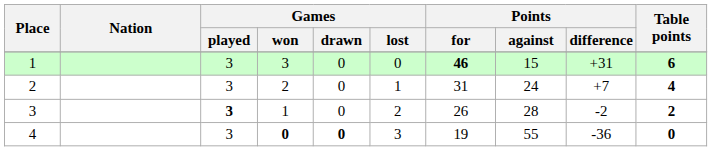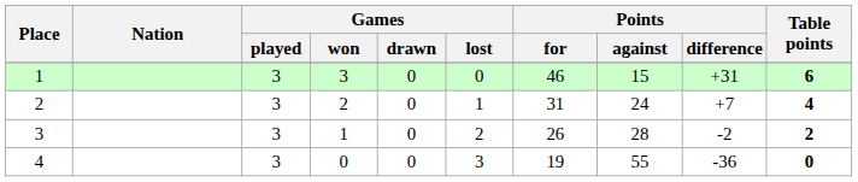 <table class="wikitable">
 <tr>
 <th rowspan=2 width="8%">Place</th>
 <th rowspan=2 width="20%">Nation</th>
 <th colspan=4 width="32%">Games</th>
 <th colspan=3 width="30%">Points</th>
 <th rowspan=2 width="10%">Table<br>points</th>
 </tr>
 <tr>
 <th width="8%">played</th>
 <th width="8%">won</th>
 <th width="8%">drawn</th>
 <th width="8%">lost</th>
 <th width="10%">for</th>
 <th width="10%">against</th>
 <th width="10%">difference</th>
 </tr>
 <tr>
 </tr>
 <tr bgcolor=#ccffcc align=center>
 <td>1</td>
 <td align=left></td>
 <td>3</td>
 <td>3</td>
 <td>0</td>
 <td>0</td>
-<td><strong>46</strong></td>
+<td>46</td>
 <td>15</td>
 <td>+31</td>
 <td><strong>6</strong></td>
 </tr>
 <tr bgcolor=#ffffff align=center>
 <td>2</td>
 <td align=left></td>
 <td>3</td>
 <td>2</td>
 <td>0</td>
 <td>1</td>
 <td>31</td>
 <td>24</td>
 <td>+7</td>
 <td><strong>4</strong></td>
 </tr>
 <tr bgcolor=#ffffff align=center>
 <td>3</td>
 <td align=left></td>
-<td><strong>3</strong></td>
+<td>3</td>
 <td>1</td>
 <td>0</td>
 <td>2</td>
 <td>26</td>
 <td>28</td>
 <td>-2</td>
 <td><strong>2</strong></td>
 </tr>
 <tr bgcolor=#ffffff align=center>
 <td>4</td>
 <td align=left></td>
 <td>3</td>
-<td><strong>0</strong></td>
-<td><strong>0</strong></td>
+<td>0</td>
+<td>0</td>
 <td>3</td>
 <td>19</td>
 <td>55</td>
 <td>-36</td>
 <td><strong>0</strong></td>
 </tr>
 </table>
